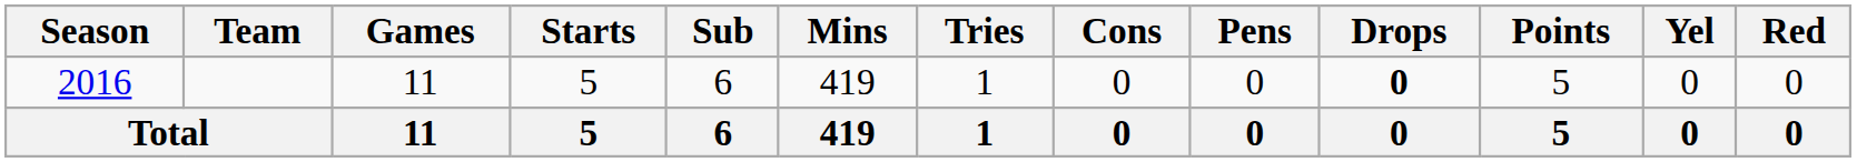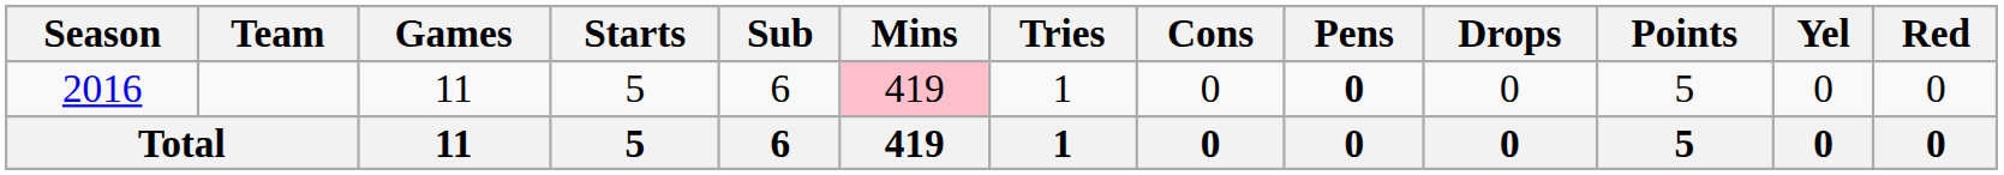 <table class="wikitable" style="text-align:center; line-height:90%; font-size:95%; width:60%;">
 <tr>
 <th>Season</th>
 <th>Team</th>
 <th>Games</th>
 <th>Starts</th>
 <th>Sub</th>
 <th>Mins</th>
 <th>Tries</th>
 <th>Cons</th>
 <th>Pens</th>
 <th>Drops</th>
 <th>Points</th>
 <th>Yel</th>
 <th>Red</th>
 </tr>
 <tr>
 <td><a href='#'>2016</a></td>
 <td></td>
 <td>11</td>
 <td>5</td>
 <td>6</td>
-<td>419</td>
+<td style="background: pink;">419</td>
 <td>1</td>
 <td>0</td>
+<td><strong>0</strong></td>
 <td>0</td>
-<td><strong>0</strong></td>
 <td>5</td>
 <td>0</td>
 <td>0</td>
 </tr>
 <tr>
 <th colspan="2">Total</th>
 <th>11</th>
 <th>5</th>
 <th>6</th>
 <th>419</th>
 <th>1</th>
 <th>0</th>
 <th>0</th>
 <th>0</th>
 <th>5</th>
 <th>0</th>
 <th>0</th>
 </tr>
 </table>
